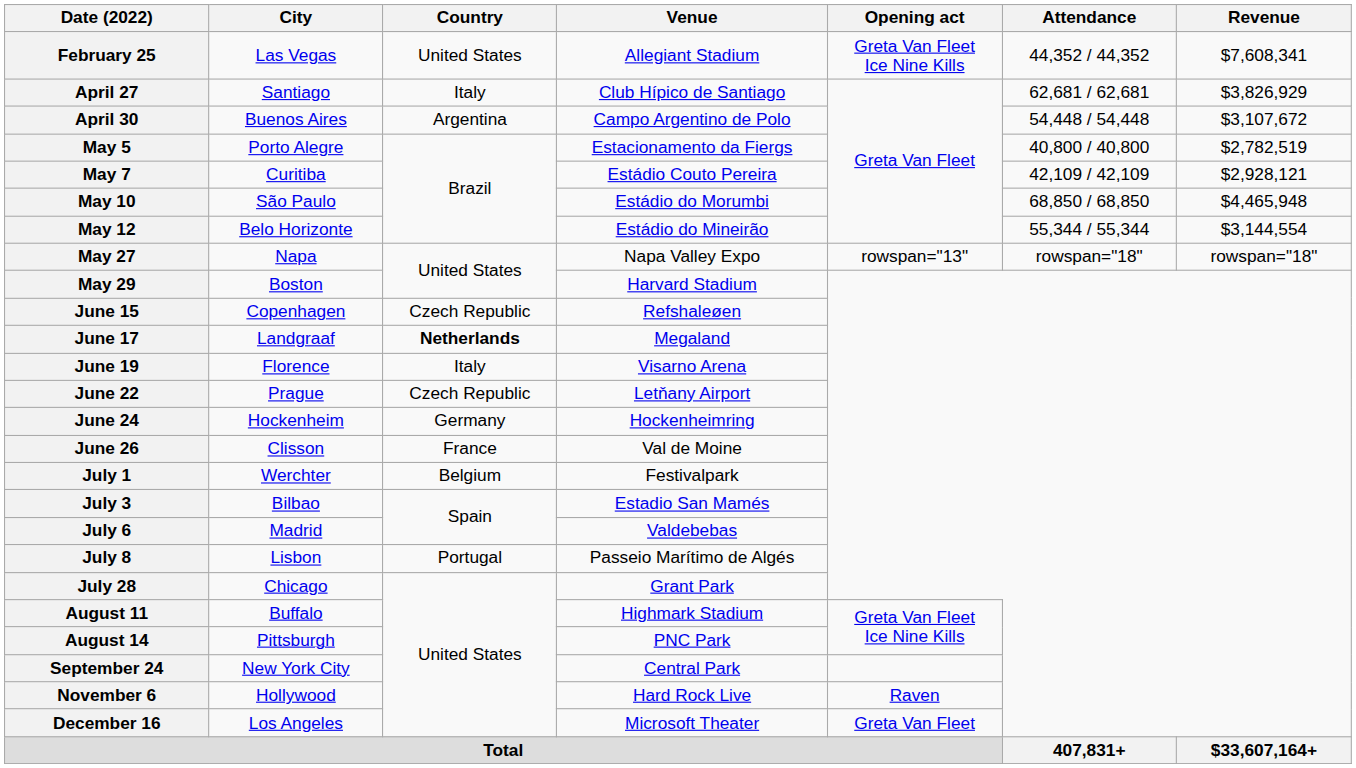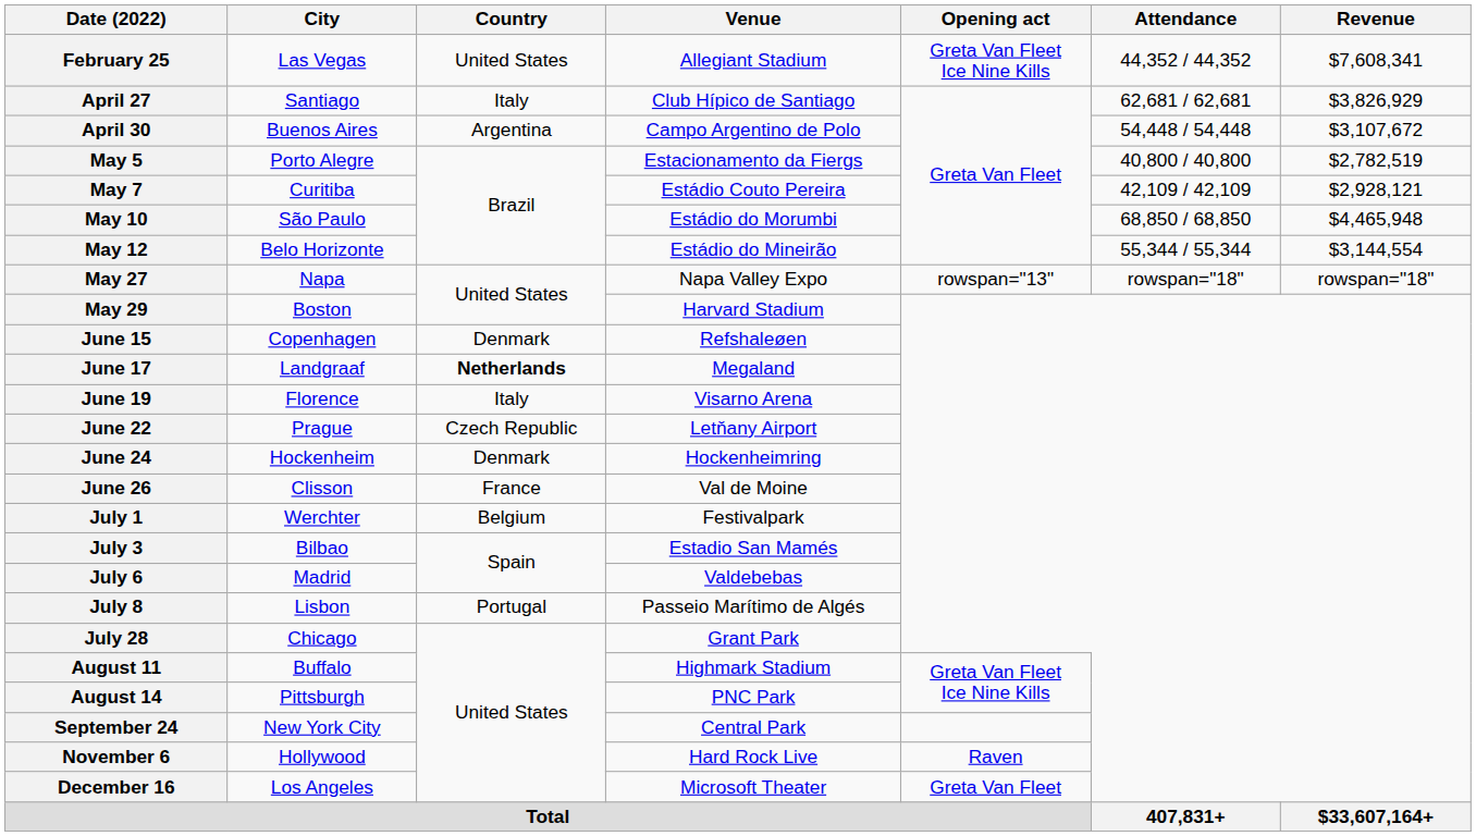 <table class="wikitable plainrowheaders" style="text-align:center;">
 <tr>
 <th scope="col" style="width:12em;">Date (2022)</th>
 <th scope="col" style="width:10em;">City</th>
 <th scope="col" style="width:10em;">Country</th>
 <th scope="col" style="width:16em;">Venue</th>
 <th scope="col" style="width:10em;">Opening act</th>
 <th scope="col" style="width:10em;">Attendance</th>
 <th scope="col" style="width:10em;">Revenue</th>
 </tr>
 <tr>
 <th scope="row" style="text-align:center;">February 25</th>
 <td><a href='#'>Las Vegas</a></td>
 <td>United States</td>
 <td><a href='#'>Allegiant Stadium</a></td>
 <td><a href='#'>Greta Van Fleet</a><br><a href='#'>Ice Nine Kills</a></td>
 <td>44,352 / 44,352</td>
 <td>$7,608,341</td>
 </tr>
 <tr>
 <th scope="row" style="text-align:center;">April 27</th>
 <td><a href='#'>Santiago</a></td>
 <td>Italy</td>
 <td><a href='#'>Club Hípico de Santiago</a></td>
 <td rowspan="6"><a href='#'>Greta Van Fleet</a></td>
 <td>62,681 / 62,681</td>
 <td>$3,826,929</td>
 </tr>
 <tr>
 <th scope="row" style="text-align:center;">April 30</th>
 <td><a href='#'>Buenos Aires</a></td>
 <td>Argentina</td>
 <td><a href='#'>Campo Argentino de Polo</a></td>
 <td>54,448 / 54,448</td>
 <td>$3,107,672</td>
 </tr>
 <tr>
 <th scope="row" style="text-align:center;">May 5</th>
 <td><a href='#'>Porto Alegre</a></td>
 <td rowspan="4">Brazil</td>
 <td><a href='#'>Estacionamento da Fiergs</a></td>
 <td>40,800 / 40,800</td>
 <td>$2,782,519</td>
 </tr>
 <tr>
 <th scope="row" style="text-align:center;">May 7</th>
 <td><a href='#'>Curitiba</a></td>
 <td><a href='#'>Estádio Couto Pereira</a></td>
 <td>42,109 / 42,109</td>
 <td>$2,928,121</td>
 </tr>
 <tr>
 <th scope="row" style="text-align:center;">May 10</th>
 <td><a href='#'>São Paulo</a></td>
 <td><a href='#'>Estádio do Morumbi</a></td>
 <td>68,850 / 68,850</td>
 <td>$4,465,948</td>
 </tr>
 <tr>
 <th scope="row" style="text-align:center;">May 12</th>
 <td><a href='#'>Belo Horizonte</a></td>
 <td><a href='#'>Estádio do Mineirão</a></td>
 <td>55,344 / 55,344</td>
 <td>$3,144,554</td>
 </tr>
 <tr>
 <th scope="row" style="text-align:center;">May 27</th>
 <td><a href='#'>Napa</a></td>
 <td rowspan="2">United States</td>
 <td>Napa Valley Expo</td>
 <td>rowspan="13" </td>
 <td>rowspan="18" </td>
 <td>rowspan="18" </td>
 </tr>
 <tr>
 <th scope="row" style="text-align:center;">May 29</th>
 <td><a href='#'>Boston</a></td>
 <td><a href='#'>Harvard Stadium</a></td>
 </tr>
 <tr>
 <th scope="row" style="text-align:center;">June 15</th>
 <td><a href='#'>Copenhagen</a></td>
-<td>Czech Republic</td>
+<td>Denmark</td>
 <td><a href='#'>Refshaleøen</a></td>
 </tr>
 <tr>
 <th scope="row" style="text-align:center;">June 17</th>
 <td><a href='#'>Landgraaf</a></td>
 <td><strong>Netherlands</strong></td>
 <td><a href='#'>Megaland</a></td>
 </tr>
 <tr>
 <th scope="row" style="text-align:center;">June 19</th>
 <td><a href='#'>Florence</a></td>
 <td>Italy</td>
 <td><a href='#'>Visarno Arena</a></td>
 </tr>
 <tr>
 <th scope="row" style="text-align:center;">June 22</th>
 <td><a href='#'>Prague</a></td>
 <td>Czech Republic</td>
 <td><a href='#'>Letňany Airport</a></td>
 </tr>
 <tr>
 <th scope="row" style="text-align:center;">June 24</th>
 <td><a href='#'>Hockenheim</a></td>
-<td>Germany</td>
+<td>Denmark</td>
 <td><a href='#'>Hockenheimring</a></td>
 </tr>
 <tr>
 <th scope="row" style="text-align:center;">June 26</th>
 <td><a href='#'>Clisson</a></td>
 <td>France</td>
 <td>Val de Moine</td>
 </tr>
 <tr>
 <th scope="row" style="text-align:center;">July 1</th>
 <td><a href='#'>Werchter</a></td>
 <td>Belgium</td>
 <td>Festivalpark</td>
 </tr>
 <tr>
 <th scope="row" style="text-align:center;">July 3</th>
 <td><a href='#'>Bilbao</a></td>
 <td rowspan="2">Spain</td>
 <td><a href='#'>Estadio San Mamés</a></td>
 </tr>
 <tr>
 <th scope="row" style="text-align:center;">July 6</th>
 <td><a href='#'>Madrid</a></td>
 <td><a href='#'>Valdebebas</a></td>
 </tr>
 <tr>
 <th scope="row" style="text-align:center;">July 8</th>
 <td><a href='#'>Lisbon</a></td>
 <td>Portugal</td>
 <td>Passeio Marítimo de Algés</td>
 </tr>
 <tr>
 <th scope="row" style="text-align:center;">July 28</th>
 <td><a href='#'>Chicago</a></td>
 <td rowspan="6">United States</td>
 <td><a href='#'>Grant Park</a></td>
 </tr>
 <tr>
 <th scope="row" style="text-align:center;">August 11</th>
 <td><a href='#'>Buffalo</a></td>
 <td><a href='#'>Highmark Stadium</a></td>
 <td rowspan="2"><a href='#'>Greta Van Fleet</a><br><a href='#'>Ice Nine Kills</a></td>
 </tr>
 <tr>
 <th scope="row" style="text-align:center;">August 14</th>
 <td><a href='#'>Pittsburgh</a></td>
 <td><a href='#'>PNC Park</a></td>
 </tr>
 <tr>
 <th scope="row" style="text-align:center;">September 24</th>
 <td><a href='#'>New York City</a></td>
 <td><a href='#'>Central Park</a></td>
 <td></td>
 </tr>
 <tr>
 <th scope="row" style="text-align:center;">November 6</th>
 <td><a href='#'>Hollywood</a></td>
 <td><a href='#'>Hard Rock Live</a></td>
 <td><a href='#'>Raven</a></td>
 </tr>
 <tr>
 <th scope="row" style="text-align:center;">December 16</th>
 <td><a href='#'>Los Angeles</a></td>
 <td><a href='#'>Microsoft Theater</a></td>
 <td><a href='#'>Greta Van Fleet</a></td>
 </tr>
 <tr>
 <th style="background:#dddddd;" colspan="5">Total</th>
 <th>407,831+</th>
 <th>$33,607,164+</th>
 </tr>
 <tr>
 </tr>
 </table>
